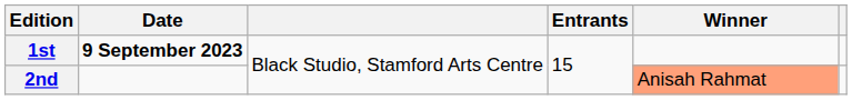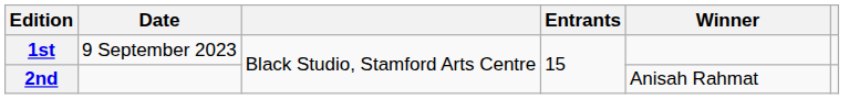 <table class="wikitable defaultcenter col3left" style="text-alignt:center; font-size: 90%";>
 <tr>
 <th>Edition</th>
 <th>Date</th>
 <th></th>
 <th>Entrants</th>
 <th width=150px>Winner</th>
 <th></th>
 </tr>
 <tr>
 <th><a href='#'>1st</a></th>
-<td><strong>9 September 2023</strong></td>
+<td>9 September 2023</td>
 <td rowspan=2>Black Studio, Stamford Arts Centre</td>
 <td rowspan=2>15</td>
 <td></td>
 <td></td>
 </tr>
 <tr>
 <th><a href='#'>2nd</a></th>
 <td></td>
-<td style="background: lightsalmon;">Anisah Rahmat</td>
+<td>Anisah Rahmat</td>
 <td></td>
 </tr>
 </table>
